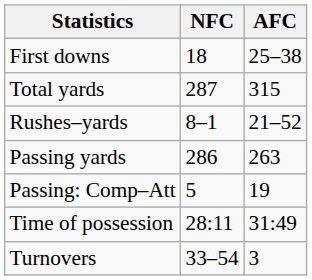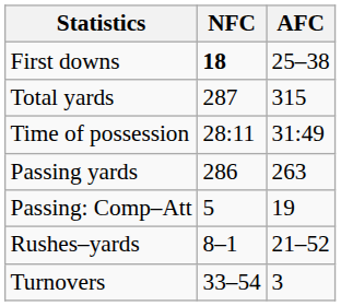 <table class="wikitable" style="float: left;">
 <tr>
 <th>Statistics</th>
 <th>NFC</th>
 <th>AFC</th>
 </tr>
 <tr>
 <td>First downs</td>
-<td>18</td>
+<td><strong>18</strong></td>
 <td>25–38</td>
 </tr>
 <tr>
 <td>Total yards</td>
 <td>287</td>
 <td>315</td>
 </tr>
 <tr>
-<td>Rushes–yards</td>
-<td>8–1</td>
-<td>21–52</td>
+<td>Time of possession</td>
+<td>28:11</td>
+<td>31:49</td>
 </tr>
 <tr>
 <td>Passing yards</td>
 <td>286</td>
 <td>263</td>
 </tr>
 <tr>
 <td>Passing: Comp–Att</td>
 <td>5</td>
 <td>19</td>
 </tr>
 <tr>
-<td>Time of possession</td>
-<td>28:11</td>
-<td>31:49</td>
+<td>Rushes–yards</td>
+<td>8–1</td>
+<td>21–52</td>
 </tr>
 <tr>
 <td>Turnovers</td>
 <td>33–54</td>
 <td>3</td>
 </tr>
 </table>
